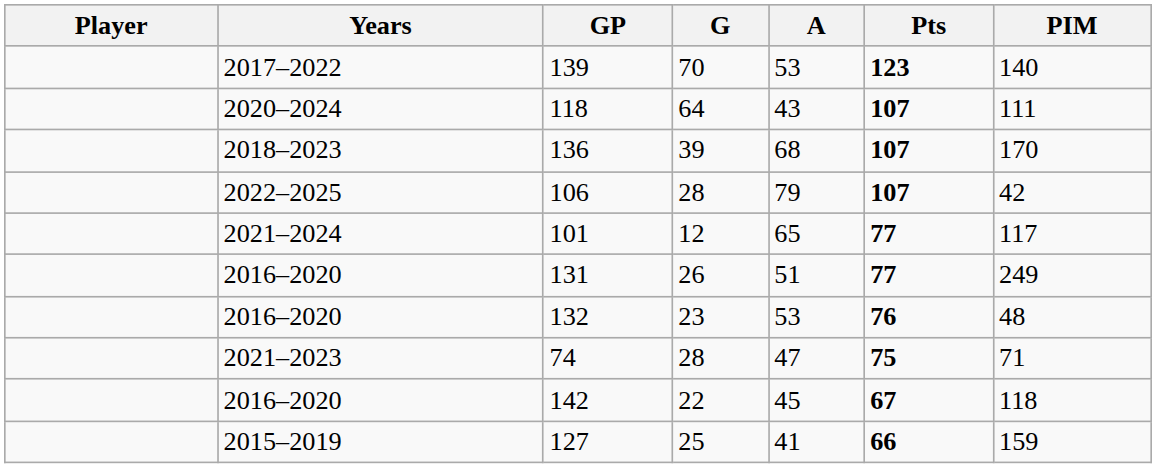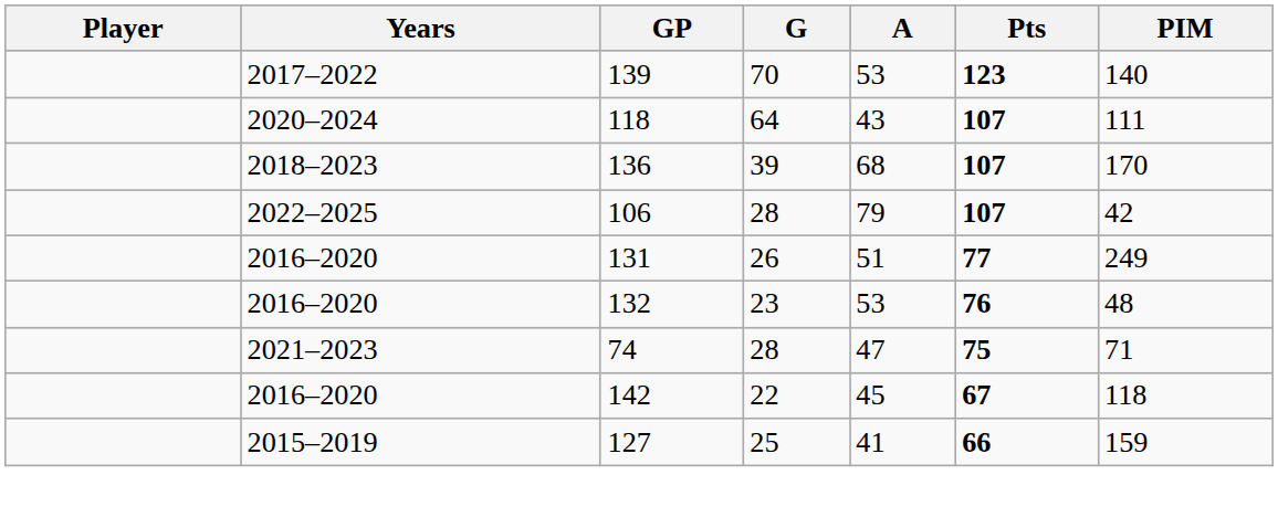 <table class="wikitable sortable" width ="700" cellpadding="1" border="1" cellspacing="0">
 <tr>
 <th>Player</th>
 <th>Years</th>
 <th>GP</th>
 <th>G</th>
 <th>A</th>
 <th>Pts</th>
 <th>PIM</th>
 </tr>
 <tr>
 <td></td>
 <td>2017–2022</td>
 <td>139</td>
 <td>70</td>
 <td>53</td>
 <td><strong>123</strong></td>
 <td>140</td>
 </tr>
 <tr>
 <td></td>
 <td>2020–2024</td>
 <td>118</td>
 <td>64</td>
 <td>43</td>
 <td><strong>107</strong></td>
 <td>111</td>
 </tr>
 <tr>
 <td></td>
 <td>2018–2023</td>
 <td>136</td>
 <td>39</td>
 <td>68</td>
 <td><strong>107</strong></td>
 <td>170</td>
 </tr>
 <tr>
 <td></td>
 <td>2022–2025</td>
 <td>106</td>
 <td>28</td>
 <td>79</td>
 <td><strong>107</strong></td>
 <td>42</td>
 </tr>
 <tr>
 <td></td>
-<td>2021–2024</td>
-<td>101</td>
-<td>12</td>
-<td>65</td>
-<td><strong>77</strong></td>
-<td>117</td>
-</tr>
-<tr>
-<td></td>
 <td>2016–2020</td>
 <td>131</td>
 <td>26</td>
 <td>51</td>
 <td><strong>77</strong></td>
 <td>249</td>
 </tr>
 <tr>
 <td></td>
 <td>2016–2020</td>
 <td>132</td>
 <td>23</td>
 <td>53</td>
 <td><strong>76</strong></td>
 <td>48</td>
 </tr>
 <tr>
 <td></td>
 <td>2021–2023</td>
 <td>74</td>
 <td>28</td>
 <td>47</td>
 <td><strong>75</strong></td>
 <td>71</td>
 </tr>
 <tr>
 <td></td>
 <td>2016–2020</td>
 <td>142</td>
 <td>22</td>
 <td>45</td>
 <td><strong>67</strong></td>
 <td>118</td>
 </tr>
 <tr>
 <td></td>
 <td>2015–2019</td>
 <td>127</td>
 <td>25</td>
 <td>41</td>
 <td><strong>66</strong></td>
 <td>159</td>
 </tr>
 </table>
